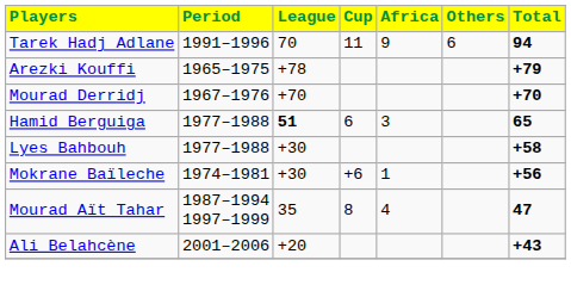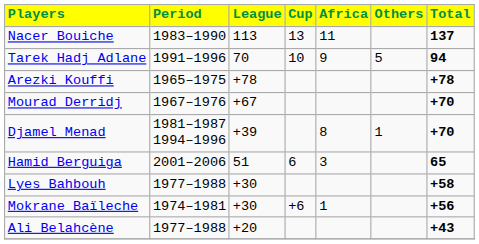 <table class="wikitable" style="font-size:95%;">
 <tr style="color:#009040; background:#FFFF00; align:center;">
 <td><strong>Players</strong></td>
 <td><strong>Period</strong></td>
 <td><strong>League</strong></td>
 <td><strong>Cup</strong></td>
 <td><strong>Africa</strong></td>
 <td><strong>Others</strong></td>
 <td><strong>Total</strong></td>
 </tr>
 <tr ---->
+<td> <a href='#'>Nacer Bouiche</a></td>
+<td>1983–1990</td>
+<td>113</td>
+<td>13</td>
+<td>11</td>
+<td></td>
+<td><strong>137</strong></td>
+</tr>
+<tr ---->
 <td> <a href='#'>Tarek Hadj Adlane</a></td>
 <td>1991–1996</td>
 <td>70</td>
-<td>11</td>
+<td>10</td>
 <td>9</td>
-<td>6</td>
+<td>5</td>
 <td><strong>94</strong></td>
 </tr>
 <tr ---->
 <td> <a href='#'>Arezki Kouffi</a></td>
 <td>1965–1975</td>
 <td>+78</td>
 <td></td>
 <td></td>
 <td></td>
-<td><strong>+79</strong></td>
+<td><strong>+78</strong></td>
 </tr>
 <tr ---->
 <td> <a href='#'>Mourad Derridj</a></td>
 <td>1967–1976</td>
-<td>+70</td>
+<td>+67</td>
 <td></td>
 <td></td>
 <td></td>
 <td><strong>+70</strong></td>
 </tr>
 <tr ---->
+<td> <a href='#'>Djamel Menad</a></td>
+<td>1981–1987<br>1994–1996</td>
+<td>+39</td>
+<td></td>
+<td>8</td>
+<td>1</td>
+<td><strong>+70</strong></td>
+</tr>
+<tr ---->
 <td> <a href='#'>Hamid Berguiga</a></td>
-<td>1977–1988</td>
-<td><strong>51</strong></td>
+<td>2001–2006</td>
+<td>51</td>
 <td>6</td>
 <td>3</td>
 <td></td>
 <td><strong>65</strong></td>
 </tr>
 <tr ---->
 <td> <a href='#'>Lyes Bahbouh</a></td>
 <td>1977–1988</td>
 <td>+30</td>
 <td></td>
 <td></td>
 <td></td>
 <td><strong>+58</strong></td>
 </tr>
 <tr>
 <td> <a href='#'>Mokrane Baïleche</a></td>
 <td>1974–1981</td>
 <td>+30</td>
 <td>+6</td>
 <td>1</td>
 <td></td>
 <td><strong>+56</strong></td>
 </tr>
 <tr ---->
-<td> <a href='#'>Mourad Aït Tahar</a></td>
-<td>1987–1994<br>1997–1999</td>
-<td>35</td>
-<td>8</td>
-<td>4</td>
-<td></td>
-<td><strong>47</strong></td>
-</tr>
-<tr ---->
 <td> <a href='#'>Ali Belahcène</a></td>
-<td>2001–2006</td>
+<td>1977–1988</td>
 <td>+20</td>
 <td></td>
 <td></td>
 <td></td>
 <td><strong>+43</strong></td>
 </tr>
 <tr ---->
 </tr>
 </table>
